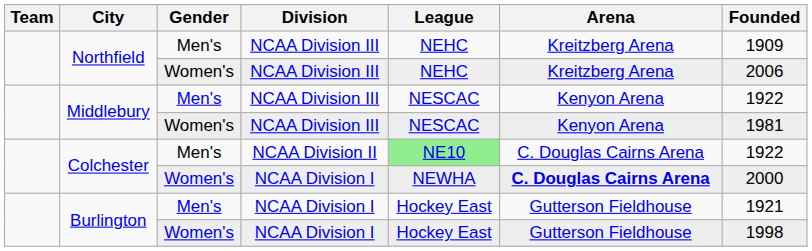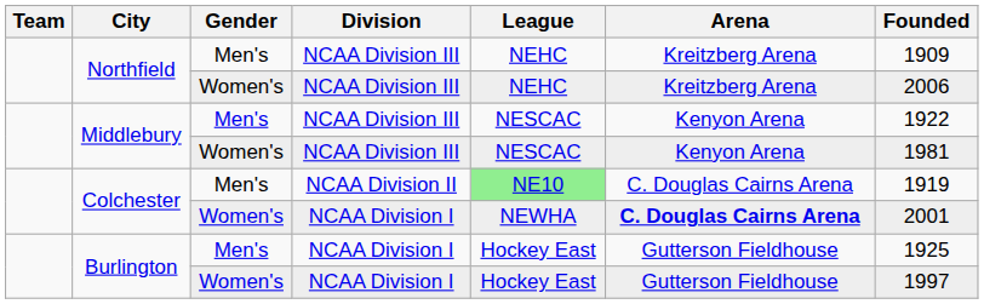 <table class="wikitable sortable" width="60%">
 <tr>
 <th>Team</th>
 <th>City</th>
 <th>Gender</th>
 <th>Division</th>
 <th>League</th>
 <th>Arena</th>
 <th>Founded</th>
 </tr>
 <tr align=center>
 <td rowspan=2;><strong><a href='#'></a></strong></td>
 <td rowspan=2><a href='#'>Northfield</a></td>
 <td>Men's</td>
 <td><a href='#'>NCAA Division III</a></td>
 <td><a href='#'>NEHC</a></td>
 <td><a href='#'>Kreitzberg Arena</a></td>
 <td>1909</td>
 </tr>
 <tr align=center bgcolor=eeeeee>
 <td>Women's</td>
 <td><a href='#'>NCAA Division III</a></td>
 <td><a href='#'>NEHC</a></td>
 <td><a href='#'>Kreitzberg Arena</a></td>
 <td>2006</td>
 </tr>
 <tr align=center>
 <td rowspan=2;><strong><a href='#'></a></strong></td>
 <td rowspan=2><a href='#'>Middlebury</a></td>
 <td><a href='#'>Men's</a></td>
 <td><a href='#'>NCAA Division III</a></td>
 <td><a href='#'>NESCAC</a></td>
 <td><a href='#'>Kenyon Arena</a></td>
 <td>1922</td>
 </tr>
 <tr align=center bgcolor=eeeeee>
 <td>Women's</td>
 <td><a href='#'>NCAA Division III</a></td>
 <td><a href='#'>NESCAC</a></td>
 <td><a href='#'>Kenyon Arena</a></td>
 <td>1981</td>
 </tr>
 <tr align=center>
 <td rowspan=2;><strong><a href='#'></a></strong></td>
 <td rowspan=2><a href='#'>Colchester</a></td>
 <td>Men's</td>
 <td><a href='#'>NCAA Division II</a></td>
 <td style="background: lightgreen;"><a href='#'>NE10</a></td>
 <td><a href='#'>C. Douglas Cairns Arena</a></td>
-<td>1922</td>
+<td>1919</td>
 </tr>
 <tr align=center bgcolor=eeeeee>
 <td><a href='#'>Women's</a></td>
 <td><a href='#'>NCAA Division I</a></td>
 <td><a href='#'>NEWHA</a></td>
 <td><strong><a href='#'>C. Douglas Cairns Arena</a></strong></td>
-<td>2000</td>
+<td>2001</td>
 </tr>
 <tr align=center>
 <td rowspan=2;><strong><a href='#'></a></strong></td>
 <td rowspan=2><a href='#'>Burlington</a></td>
 <td><a href='#'>Men's</a></td>
 <td><a href='#'>NCAA Division I</a></td>
 <td><a href='#'>Hockey East</a></td>
 <td><a href='#'>Gutterson Fieldhouse</a></td>
-<td>1921</td>
+<td>1925</td>
 </tr>
 <tr align=center bgcolor=eeeeee>
 <td><a href='#'>Women's</a></td>
 <td><a href='#'>NCAA Division I</a></td>
 <td><a href='#'>Hockey East</a></td>
 <td><a href='#'>Gutterson Fieldhouse</a></td>
-<td>1998</td>
+<td>1997</td>
 </tr>
 </table>
